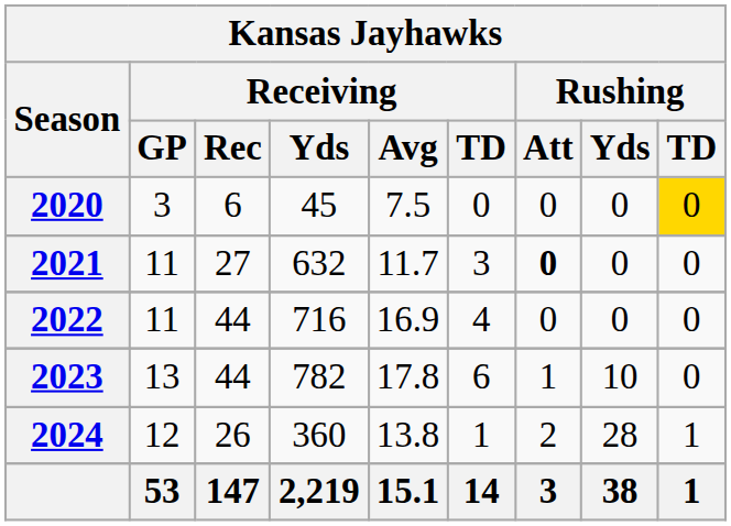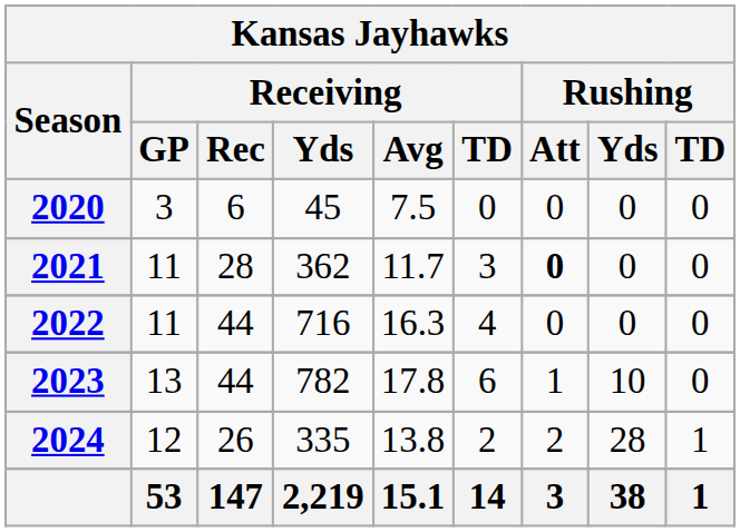 <table class=wikitable style="text-align:center;">
 <tr>
 <th colspan="10">Kansas Jayhawks</th>
 </tr>
 <tr>
 <th rowspan="2">Season</th>
 <th colspan="5">Receiving</th>
 <th colspan="3">Rushing</th>
 </tr>
 <tr>
 <th>GP</th>
 <th>Rec</th>
 <th>Yds</th>
 <th>Avg</th>
 <th>TD</th>
 <th>Att</th>
 <th>Yds</th>
 <th>TD</th>
 </tr>
 <tr>
 <th><a href='#'>2020</a></th>
 <td>3</td>
 <td>6</td>
 <td>45</td>
 <td>7.5</td>
 <td>0</td>
 <td>0</td>
 <td>0</td>
-<td style="background: gold;">0</td>
+<td>0</td>
 </tr>
 <tr>
 </tr>
 <tr>
 <th><a href='#'>2021</a></th>
 <td>11</td>
-<td>27</td>
-<td>632</td>
+<td>28</td>
+<td>362</td>
 <td>11.7</td>
 <td>3</td>
 <td><strong>0</strong></td>
 <td>0</td>
 <td>0</td>
 </tr>
 <tr>
 </tr>
 <tr>
 <th><a href='#'>2022</a></th>
 <td>11</td>
 <td>44</td>
 <td>716</td>
-<td>16.9</td>
+<td>16.3</td>
 <td>4</td>
 <td>0</td>
 <td>0</td>
 <td>0</td>
 </tr>
 <tr>
 </tr>
 <tr>
 <th><a href='#'>2023</a></th>
 <td>13</td>
 <td>44</td>
 <td>782</td>
 <td>17.8</td>
 <td>6</td>
 <td>1</td>
 <td>10</td>
 <td>0</td>
 </tr>
 <tr>
 </tr>
 <tr>
 <th><a href='#'>2024</a></th>
 <td>12</td>
 <td>26</td>
-<td>360</td>
+<td>335</td>
 <td>13.8</td>
-<td>1</td>
+<td>2</td>
 <td>2</td>
 <td>28</td>
 <td>1</td>
 </tr>
 <tr>
 </tr>
 <tr>
 <th></th>
 <th>53</th>
 <th>147</th>
 <th>2,219</th>
 <th>15.1</th>
 <th>14</th>
 <th>3</th>
 <th>38</th>
 <th>1</th>
 </tr>
 </table>
